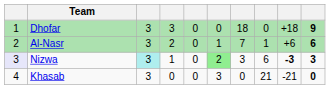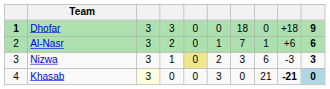 <table class="wikitable" style="text-align: center;">
 <tr>
 <th width=30></th>
 <th width=165>Team</th>
 <th width=30></th>
 <th width=30></th>
 <th width=30></th>
 <th width=30></th>
 <th width=30></th>
 <th width=30></th>
 <th width=30></th>
 <th width=30></th>
 </tr>
 <tr bgcolor=#ACE1AF>
-<td>1</td>
+<td><strong>1</strong></td>
 <td align=left><a href='#'>Dhofar</a></td>
 <td>3</td>
 <td>3</td>
 <td>0</td>
 <td>0</td>
 <td>18</td>
 <td>0</td>
 <td>+18</td>
 <td><strong>9</strong></td>
 </tr>
 <tr bgcolor=#ACE1AF>
 <td>2</td>
 <td align=left><a href='#'>Al-Nasr</a></td>
 <td>3</td>
 <td>2</td>
 <td>0</td>
 <td>1</td>
 <td>7</td>
 <td>1</td>
 <td>+6</td>
 <td><strong>6</strong></td>
 </tr>
 <tr>
-<td style="background: lavender;">3</td>
+<td>3</td>
 <td align=left><a href='#'>Nizwa</a></td>
-<td style="background: paleturquoise;">3</td>
+<td>3</td>
 <td>1</td>
-<td>0</td>
-<td style="background: lightgreen;">2</td>
+<td style="background: khaki;">0</td>
+<td>2</td>
 <td>3</td>
 <td>6</td>
-<td><strong>-3</strong></td>
+<td>-3</td>
 <td><strong>3</strong></td>
 </tr>
 <tr>
 <td>4</td>
 <td align=left><a href='#'>Khasab</a></td>
-<td>3</td>
+<td style="background: lightyellow;">3</td>
 <td>0</td>
 <td>0</td>
 <td>3</td>
 <td>0</td>
 <td>21</td>
-<td>-21</td>
-<td><strong>0</strong></td>
+<td><strong>-21</strong></td>
+<td style="background: lightblue;"><strong>0</strong></td>
 </tr>
 </table>
